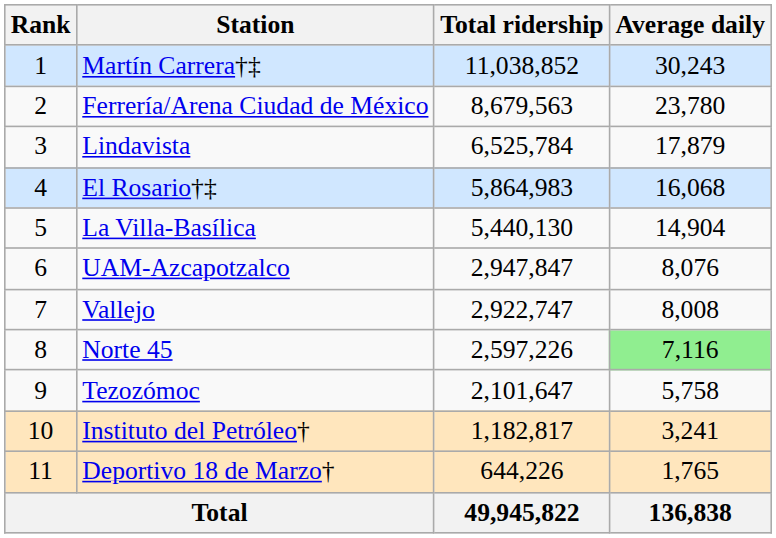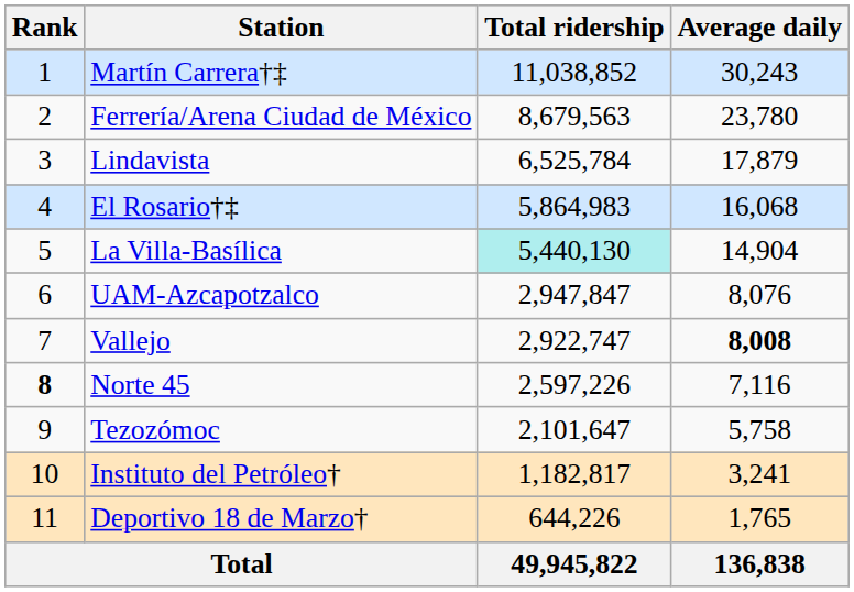 <table class=wikitable style="text-align:center">
 <tr>
 <th>Rank</th>
 <th>Station</th>
 <th>Total ridership</th>
 <th>Average daily</th>
 </tr>
 <tr style="background-color:#D0E7FF">
 <td>1</td>
 <td align=left><a href='#'>Martín Carrera</a>†‡</td>
 <td>11,038,852</td>
 <td>30,243</td>
 </tr>
 <tr>
 <td>2</td>
 <td align=left><a href='#'>Ferrería/Arena Ciudad de México</a></td>
 <td>8,679,563</td>
 <td>23,780</td>
 </tr>
 <tr>
 <td>3</td>
 <td align=left><a href='#'>Lindavista</a></td>
 <td>6,525,784</td>
 <td>17,879</td>
 </tr>
 <tr style="background-color:#D0E7FF">
 <td>4</td>
 <td align=left><a href='#'>El Rosario</a>†‡</td>
 <td>5,864,983</td>
 <td>16,068</td>
 </tr>
 <tr>
 <td>5</td>
 <td align=left><a href='#'>La Villa-Basílica</a></td>
-<td>5,440,130</td>
+<td style="background: paleturquoise;">5,440,130</td>
 <td>14,904</td>
 </tr>
 <tr>
 <td>6</td>
 <td align=left><a href='#'>UAM-Azcapotzalco</a></td>
 <td>2,947,847</td>
 <td>8,076</td>
 </tr>
 <tr>
 <td>7</td>
 <td align=left><a href='#'>Vallejo</a></td>
 <td>2,922,747</td>
-<td>8,008</td>
+<td><strong>8,008</strong></td>
 </tr>
 <tr>
-<td>8</td>
+<td><strong>8</strong></td>
 <td align=left><a href='#'>Norte 45</a></td>
 <td>2,597,226</td>
-<td style="background: lightgreen;">7,116</td>
+<td>7,116</td>
 </tr>
 <tr>
 <td>9</td>
 <td align=left><a href='#'>Tezozómoc</a></td>
 <td>2,101,647</td>
 <td>5,758</td>
 </tr>
 <tr style="background-color:#FFE6BD">
 <td>10</td>
 <td align=left><a href='#'>Instituto del Petróleo</a>†</td>
 <td>1,182,817</td>
 <td>3,241</td>
 </tr>
 <tr style="background-color:#FFE6BD">
 <td>11</td>
 <td align=left><a href='#'>Deportivo 18 de Marzo</a>†</td>
 <td>644,226</td>
 <td>1,765</td>
 </tr>
 <tr>
 <th colspan=2>Total</th>
 <th>49,945,822</th>
 <th>136,838</th>
 </tr>
 </table>
